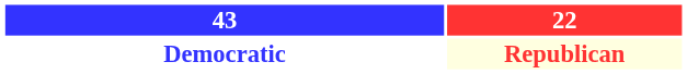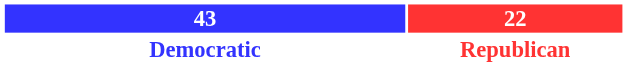 <table style="width:50%">
 <tr>
 <td scope="row" colspan="3" style="text-align:center"></td>
 </tr>
 <tr>
 <td scope="row" style="background:#33F; width:63.1%; text-align:center; color:white"><strong>43</strong></td>
 <td style="background:#F33; width:33.8%; text-align:center; color:white"><strong>22</strong></td>
 </tr>
 <tr>
 <td scope="row" style="text-align:center; color:#33F"><strong>Democratic</strong></td>
-<td style="background: lightyellow; text-align:center; color:#F33"><strong>Republican</strong></td>
+<td style="text-align:center; color:#F33"><strong>Republican</strong></td>
 </tr>
 </table>
